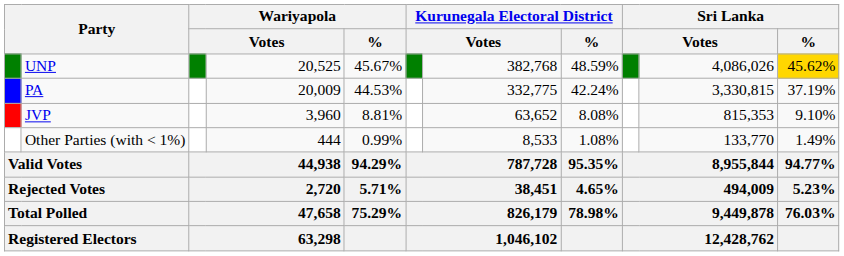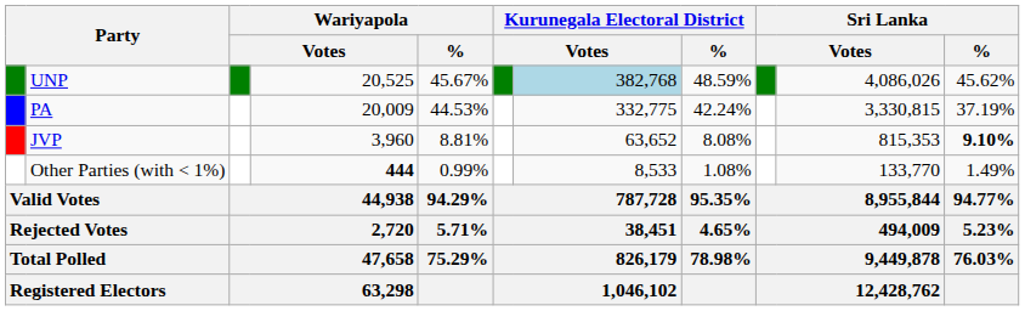 <table class="wikitable">
 <tr>
 <th colspan="2" width="144px"rowspan="2">Party</th>
 <th colspan="3" width="216px">Wariyapola</th>
 <th colspan="3" width="216px"><a href='#'>Kurunegala Electoral District</a></th>
 <th colspan="3" width="216px">Sri Lanka</th>
 </tr>
 <tr>
 <th colspan="2" width="144px">Votes</th>
 <th>%</th>
 <th colspan="2" width="144px">Votes</th>
 <th>%</th>
 <th colspan="2" width="144px">Votes</th>
 <th>%</th>
 </tr>
 <tr>
 <td style="background-color:green;" width="10px"></td>
 <td style="text-align:left;"><a href='#'>UNP</a></td>
 <td style="background-color:green;" width="10px"></td>
 <td style="text-align:right;">20,525</td>
 <td style="text-align:right;">45.67%</td>
 <td style="background-color:green;" width="10px"></td>
-<td style="text-align:right;">382,768</td>
+<td style="background: lightblue; text-align:right;">382,768</td>
 <td style="text-align:right;">48.59%</td>
 <td style="background-color:green;" width="10px"></td>
 <td style="text-align:right;">4,086,026</td>
-<td style="background: gold; text-align:right;">45.62%</td>
+<td style="text-align:right;">45.62%</td>
 </tr>
 <tr>
 <td style="background-color:blue;" width="10px"></td>
 <td style="text-align:left;"><a href='#'>PA</a></td>
 <td style="background-color:white;" width="10px"></td>
 <td style="text-align:right;">20,009</td>
 <td style="text-align:right;">44.53%</td>
 <td style="background-color:white;" width="10px"></td>
 <td style="text-align:right;">332,775</td>
 <td style="text-align:right;">42.24%</td>
 <td style="background-color:white;" width="10px"></td>
 <td style="text-align:right;">3,330,815</td>
 <td style="text-align:right;">37.19%</td>
 </tr>
 <tr>
 <td style="background-color:red;" width="10px"></td>
 <td style="text-align:left;"><a href='#'>JVP</a></td>
 <td style="background-color:white;" width="10px"></td>
 <td style="text-align:right;">3,960</td>
 <td style="text-align:right;">8.81%</td>
 <td style="background-color:white;" width="10px"></td>
 <td style="text-align:right;">63,652</td>
 <td style="text-align:right;">8.08%</td>
 <td style="background-color:white;" width="10px"></td>
 <td style="text-align:right;">815,353</td>
-<td style="text-align:right;">9.10%</td>
+<td style="text-align:right;"><strong>9.10%</strong></td>
 </tr>
 <tr>
 <td style="background-color:white;" width="10px"></td>
 <td style="text-align:left;">Other Parties (with < 1%)</td>
 <td style="background-color:white;" width="10px"></td>
-<td style="text-align:right;">444</td>
+<td style="text-align:right;"><strong>444</strong></td>
 <td style="text-align:right;">0.99%</td>
 <td style="background-color:white;" width="10px"></td>
 <td style="text-align:right;">8,533</td>
 <td style="text-align:right;">1.08%</td>
 <td style="background-color:white;" width="10px"></td>
 <td style="text-align:right;">133,770</td>
 <td style="text-align:right;">1.49%</td>
 </tr>
 <tr>
 <th colspan="2" width="144px"style="text-align:left;">Valid Votes</th>
 <th style="text-align:right;"colspan="2" width="144px">44,938</th>
 <th style="text-align:right;">94.29%</th>
 <th style="text-align:right;"colspan="2" width="144px">787,728</th>
 <th style="text-align:right;">95.35%</th>
 <th style="text-align:right;"colspan="2" width="144px">8,955,844</th>
 <th style="text-align:right;">94.77%</th>
 </tr>
 <tr>
 <th colspan="2" width="144px"style="text-align:left;">Rejected Votes</th>
 <th style="text-align:right;"colspan="2" width="144px">2,720</th>
 <th style="text-align:right;">5.71%</th>
 <th style="text-align:right;"colspan="2" width="144px">38,451</th>
 <th style="text-align:right;">4.65%</th>
 <th style="text-align:right;"colspan="2" width="144px">494,009</th>
 <th style="text-align:right;">5.23%</th>
 </tr>
 <tr>
 <th colspan="2" width="144px"style="text-align:left;">Total Polled</th>
 <th style="text-align:right;"colspan="2" width="144px">47,658</th>
 <th style="text-align:right;">75.29%</th>
 <th style="text-align:right;"colspan="2" width="144px">826,179</th>
 <th style="text-align:right;">78.98%</th>
 <th style="text-align:right;"colspan="2" width="144px">9,449,878</th>
 <th style="text-align:right;">76.03%</th>
 </tr>
 <tr>
 <th colspan="2" width="144px"style="text-align:left;">Registered Electors</th>
 <th style="text-align:right;"colspan="2" width="144px">63,298</th>
 <th></th>
 <th style="text-align:right;"colspan="2" width="144px">1,046,102</th>
 <th></th>
 <th style="text-align:right;"colspan="2" width="144px">12,428,762</th>
 <th></th>
 </tr>
 </table>
